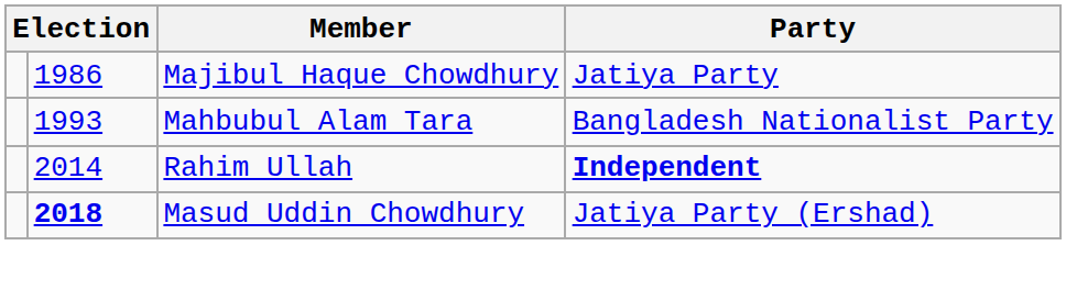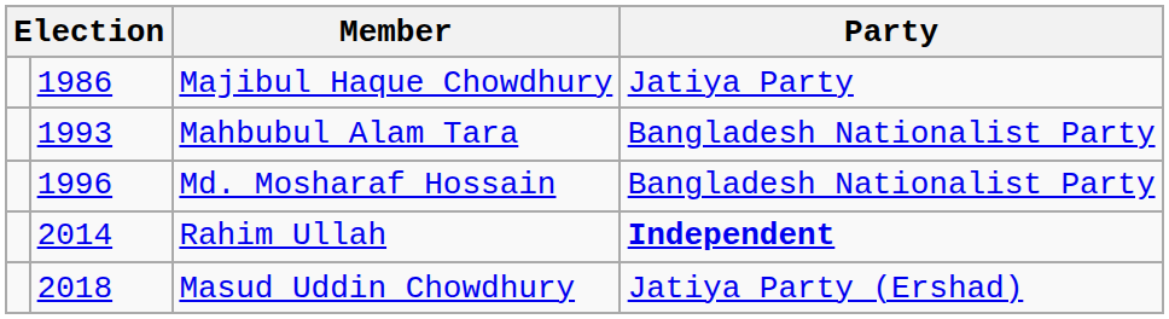 <table class="wikitable">
 <tr>
 <th colspan="2">Election</th>
 <th>Member</th>
 <th>Party</th>
 </tr>
 <tr>
 <td style="background-color:"></td>
 <td><a href='#'>1986</a></td>
 <td><a href='#'>Majibul Haque Chowdhury</a></td>
 <td><a href='#'>Jatiya Party</a></td>
 </tr>
 <tr>
 <td style="background-color:"></td>
 <td><a href='#'>1993</a></td>
 <td><a href='#'>Mahbubul Alam Tara</a></td>
 <td><a href='#'>Bangladesh Nationalist Party</a></td>
 </tr>
 <tr>
 <td style="background-color:"></td>
+<td><a href='#'>1996</a></td>
+<td><a href='#'>Md. Mosharaf Hossain</a></td>
+<td><a href='#'>Bangladesh Nationalist Party</a></td>
+</tr>
+<tr>
+<td style="background-color:"></td>
 <td><a href='#'>2014</a></td>
 <td><a href='#'>Rahim Ullah</a></td>
 <td><strong><a href='#'>Independent</a></strong></td>
 </tr>
 <tr>
 <td style="background-color:"></td>
-<td><strong><a href='#'>2018</a></strong></td>
+<td><a href='#'>2018</a></td>
 <td><a href='#'>Masud Uddin Chowdhury</a></td>
 <td><a href='#'>Jatiya Party (Ershad)</a></td>
 </tr>
 <tr>
 </tr>
 </table>
